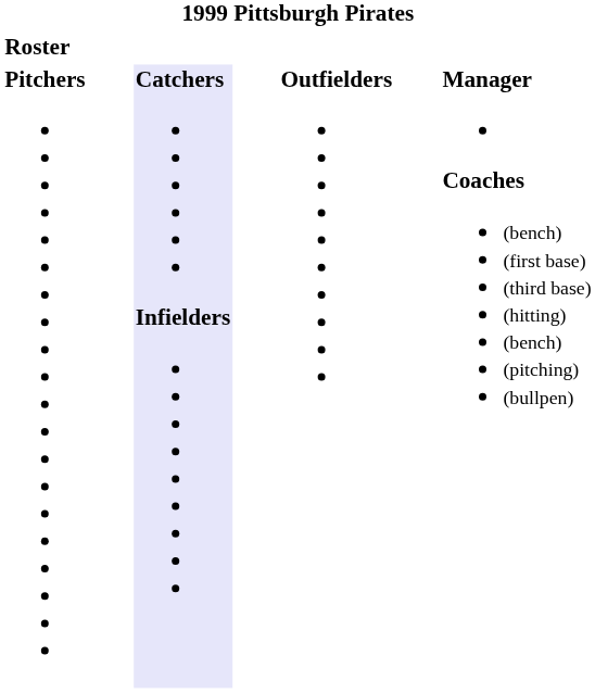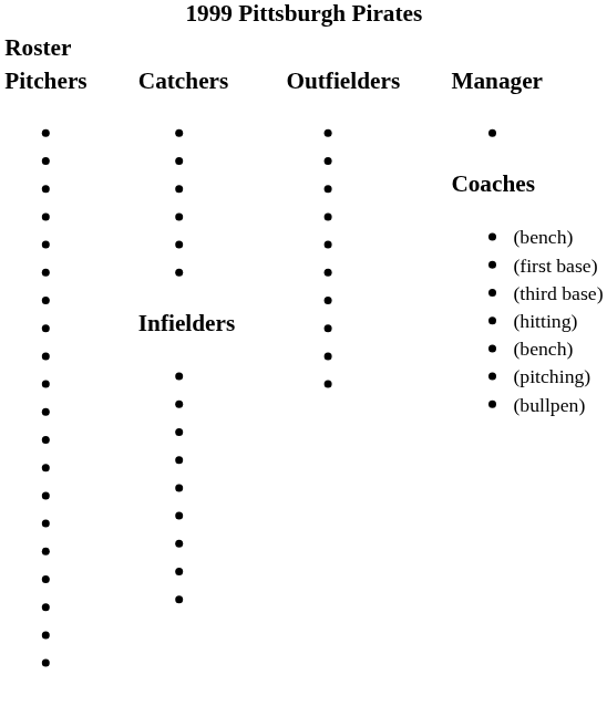 <table class="toccolours" style="font-size: 95%;">
 <tr>
 <th colspan="10">1999 Pittsburgh Pirates</th>
 </tr>
 <tr>
 <td colspan="10"><strong>Roster</strong></td>
 </tr>
 <tr>
 <td valign="top"><strong>Pitchers</strong><br><ul><li></li><li></li><li></li><li></li><li></li><li></li><li></li><li></li><li></li><li></li><li></li><li></li><li></li><li></li><li></li><li></li><li></li><li></li><li></li><li></li></ul></td>
 <td width="25px"></td>
-<td valign="top" style="background: lavender;"><strong>Catchers</strong><br><ul><li></li><li></li><li></li><li></li><li></li><li></li></ul><strong>Infielders</strong><ul><li></li><li></li><li></li><li></li><li></li><li></li><li></li><li></li><li></li></ul></td>
+<td valign="top"><strong>Catchers</strong><br><ul><li></li><li></li><li></li><li></li><li></li><li></li></ul><strong>Infielders</strong><ul><li></li><li></li><li></li><li></li><li></li><li></li><li></li><li></li><li></li></ul></td>
 <td width="25px"></td>
 <td valign="top"><strong>Outfielders</strong><br><ul><li></li><li></li><li></li><li></li><li></li><li></li><li></li><li></li><li></li><li></li></ul></td>
 <td width="25px"></td>
 <td valign="top"><strong>Manager</strong><br><ul><li></li></ul><strong>Coaches</strong><ul><li> <small>(bench)</small></li><li> <small>(first base)</small></li><li> <small>(third base)</small></li><li> <small>(hitting)</small></li><li> <small>(bench)</small></li><li> <small>(pitching)</small></li><li> <small>(bullpen)</small></li></ul></td>
 </tr>
 </table>
